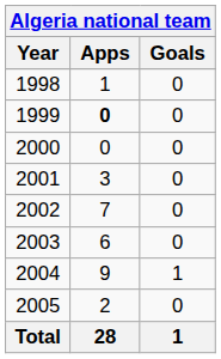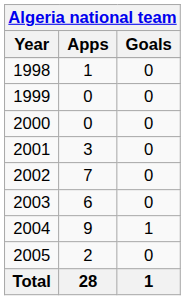 <table class="wikitable" style="text-align:center">
 <tr>
 <th colspan=3><a href='#'>Algeria national team</a></th>
 </tr>
 <tr>
 <th>Year</th>
 <th>Apps</th>
 <th>Goals</th>
 </tr>
 <tr>
 </tr>
 <tr>
 <td>1998</td>
 <td>1</td>
 <td>0</td>
 </tr>
 <tr>
 <td>1999</td>
-<td><strong>0</strong></td>
+<td>0</td>
 <td>0</td>
 </tr>
 <tr>
 <td>2000</td>
 <td>0</td>
 <td>0</td>
 </tr>
 <tr>
 <td>2001</td>
 <td>3</td>
 <td>0</td>
 </tr>
 <tr>
 <td>2002</td>
 <td>7</td>
 <td>0</td>
 </tr>
 <tr>
 <td>2003</td>
 <td>6</td>
 <td>0</td>
 </tr>
 <tr>
 <td>2004</td>
 <td>9</td>
 <td>1</td>
 </tr>
 <tr>
 <td>2005</td>
 <td>2</td>
 <td>0</td>
 </tr>
 <tr>
 <th>Total</th>
 <th>28</th>
 <th>1</th>
 </tr>
 </table>
